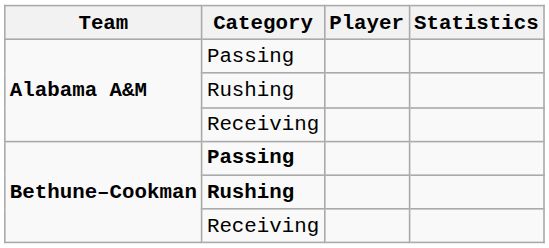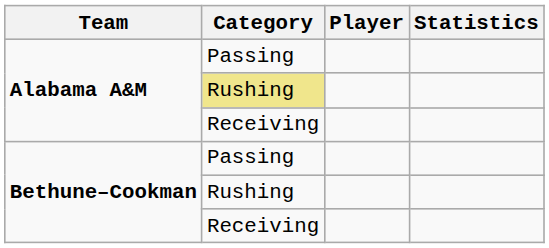 <table class="wikitable" style="float: left;">
 <tr>
 <th>Team</th>
 <th>Category</th>
 <th>Player</th>
 <th>Statistics</th>
 </tr>
 <tr>
 <td rowspan=3><strong>Alabama A&M</strong></td>
 <td>Passing</td>
 <td> </td>
 <td> </td>
 </tr>
 <tr>
-<td>Rushing</td>
+<td style="background: khaki;">Rushing</td>
 <td> </td>
 <td> </td>
 </tr>
 <tr>
 <td>Receiving</td>
 <td> </td>
 <td> </td>
 </tr>
 <tr>
 <td rowspan=3><strong>Bethune–Cookman</strong></td>
-<td><strong>Passing</strong></td>
+<td>Passing</td>
 <td> </td>
 <td> </td>
 </tr>
 <tr>
-<td><strong>Rushing</strong></td>
+<td>Rushing</td>
 <td> </td>
 <td> </td>
 </tr>
 <tr>
 <td>Receiving</td>
 <td> </td>
 <td> </td>
 </tr>
 </table>
